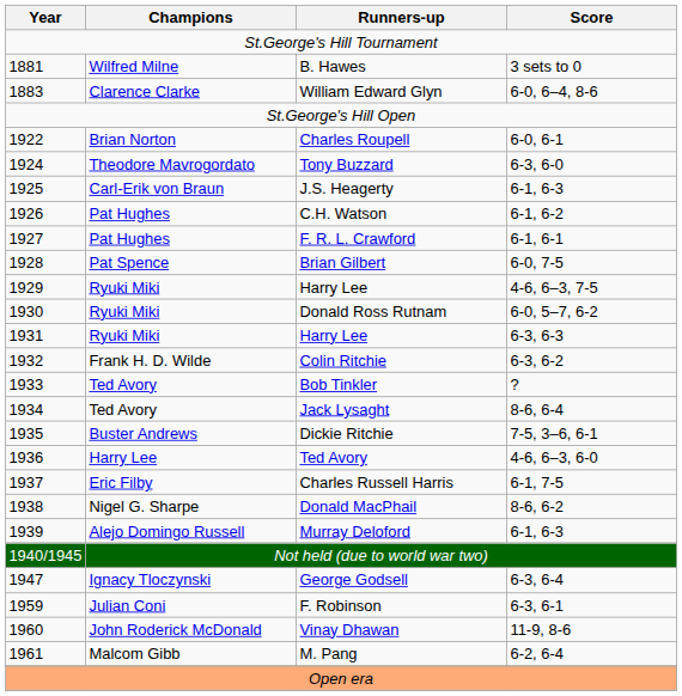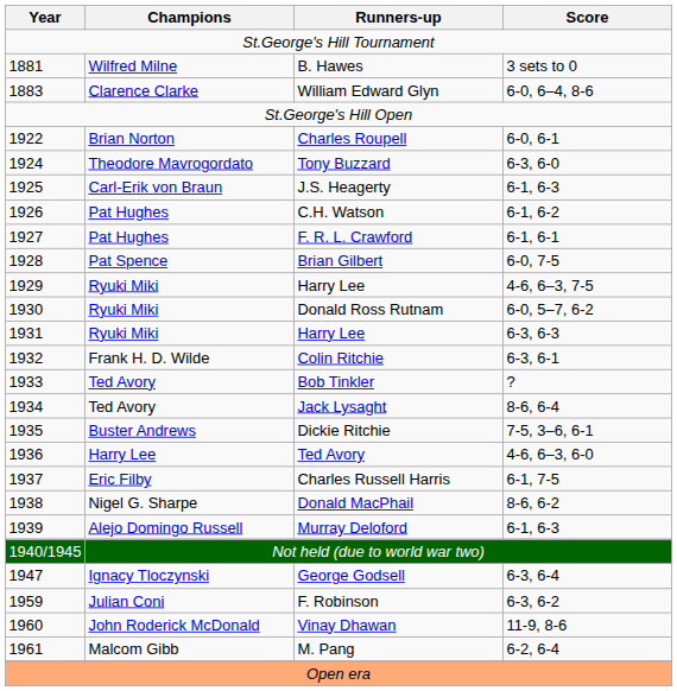 <table class="wikitable" style="font-size:95%;">
 <tr>
 <th style="width:60px;">Year</th>
 <th style="width:200px;">Champions</th>
 <th style="width:200px;">Runners-up</th>
 <th style="width:160px;">Score</th>
 </tr>
 <tr>
 <td colspan=10 align=center><em>St.George's Hill Tournament</em></td>
 </tr>
 <tr>
 <td>1881</td>
 <td> <a href='#'>Wilfred Milne</a></td>
 <td>  B. Hawes</td>
 <td>3 sets to 0</td>
 </tr>
 <tr>
 <td>1883</td>
 <td> <a href='#'>Clarence Clarke</a></td>
 <td>  William Edward Glyn</td>
 <td>6-0, 6–4, 8-6</td>
 </tr>
 <tr>
 <td colspan=10 align=center><em>St.George's Hill Open </em></td>
 </tr>
 <tr>
 <td>1922 </td>
 <td>  <a href='#'>Brian Norton</a></td>
 <td> <a href='#'>Charles Roupell</a></td>
 <td>6-0, 6-1</td>
 </tr>
 <tr>
 <td>1924</td>
 <td> <a href='#'>Theodore Mavrogordato</a></td>
 <td> <a href='#'>Tony Buzzard</a></td>
 <td>6-3, 6-0</td>
 </tr>
 <tr>
 <td>1925</td>
 <td> <a href='#'>Carl-Erik von Braun</a></td>
 <td> J.S. Heagerty</td>
 <td>6-1, 6-3</td>
 </tr>
 <tr>
 <td>1926</td>
 <td> <a href='#'>Pat Hughes</a></td>
 <td> C.H. Watson</td>
 <td>6-1, 6-2</td>
 </tr>
 <tr>
 <td>1927</td>
 <td> <a href='#'>Pat Hughes</a></td>
 <td> <a href='#'>F. R. L. Crawford</a></td>
 <td>6-1, 6-1</td>
 </tr>
 <tr>
 <td>1928</td>
 <td> <a href='#'>Pat Spence</a></td>
 <td> <a href='#'>Brian Gilbert</a></td>
 <td>6-0, 7-5</td>
 </tr>
 <tr>
 <td>1929</td>
 <td> <a href='#'>Ryuki Miki</a></td>
 <td> Harry Lee</td>
 <td>4-6, 6–3, 7-5</td>
 </tr>
 <tr>
 <td>1930</td>
 <td> <a href='#'>Ryuki Miki</a></td>
 <td> Donald Ross Rutnam</td>
 <td>6-0, 5–7, 6-2</td>
 </tr>
 <tr>
 <td>1931</td>
 <td> <a href='#'>Ryuki Miki</a></td>
 <td> <a href='#'>Harry Lee</a></td>
 <td>6-3, 6-3</td>
 </tr>
 <tr>
 <td>1932 </td>
 <td> Frank H. D. Wilde</td>
 <td> <a href='#'>Colin Ritchie</a></td>
-<td>6-3, 6-2</td>
+<td>6-3, 6-1</td>
 </tr>
 <tr>
 <td>1933</td>
 <td> <a href='#'>Ted Avory</a></td>
 <td> <a href='#'>Bob Tinkler</a></td>
 <td>?</td>
 </tr>
 <tr>
 <td>1934</td>
 <td> Ted Avory</td>
 <td> <a href='#'>Jack Lysaght</a></td>
 <td>8-6, 6-4</td>
 </tr>
 <tr>
 <td>1935</td>
 <td> <a href='#'>Buster Andrews</a></td>
 <td> Dickie Ritchie</td>
 <td>7-5, 3–6, 6-1</td>
 </tr>
 <tr>
 <td>1936</td>
 <td> <a href='#'>Harry Lee</a></td>
 <td> <a href='#'>Ted Avory</a></td>
 <td>4-6, 6–3, 6-0</td>
 </tr>
 <tr>
 <td>1937</td>
 <td> <a href='#'>Eric Filby</a></td>
 <td> Charles Russell Harris</td>
 <td>6-1, 7-5</td>
 </tr>
 <tr>
 <td>1938</td>
 <td>  Nigel G. Sharpe</td>
 <td> <a href='#'>Donald MacPhail</a></td>
 <td>8-6, 6-2</td>
 </tr>
 <tr>
 <td>1939 </td>
 <td> <a href='#'>Alejo Domingo Russell</a></td>
 <td> <a href='#'>Murray Deloford</a></td>
 <td>6-1, 6-3</td>
 </tr>
 <tr>
 </tr>
 <tr style="background:#006400; color:white">
 <td>1940/1945</td>
 <td colspan=3 align=center><em>Not held (due to world war two)</em></td>
 </tr>
 <tr>
 <td>1947 </td>
 <td> <a href='#'>Ignacy Tloczynski</a></td>
 <td> <a href='#'>George Godsell</a></td>
 <td>6-3, 6-4</td>
 </tr>
 <tr>
 <td>1959</td>
 <td> <a href='#'>Julian Coni</a></td>
 <td> F. Robinson</td>
-<td>6-3, 6-1</td>
+<td>6-3, 6-2</td>
 </tr>
 <tr>
 <td>1960</td>
 <td> <a href='#'>John Roderick McDonald</a></td>
 <td> <a href='#'>Vinay Dhawan</a></td>
 <td>11-9, 8-6</td>
 </tr>
 <tr>
 <td>1961</td>
 <td> Malcom Gibb</td>
 <td> M. Pang</td>
 <td>6-2, 6-4</td>
 </tr>
 <tr>
 </tr>
 <tr style=background-color:#ffaa77>
 <td colspan=10 align=center><em>Open era</em></td>
 </tr>
 <tr>
 </tr>
 </table>
